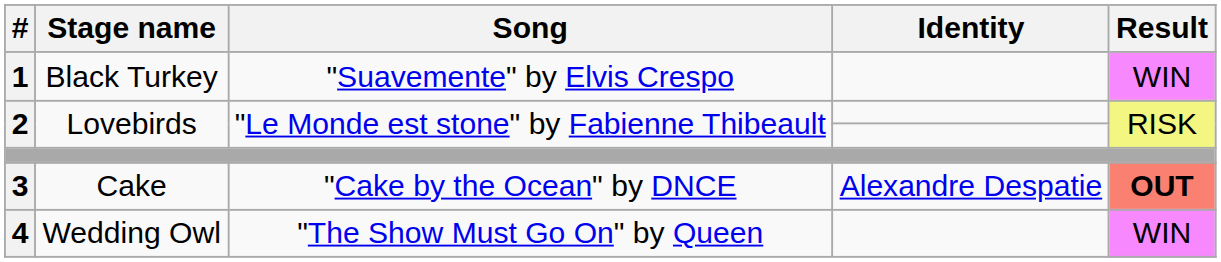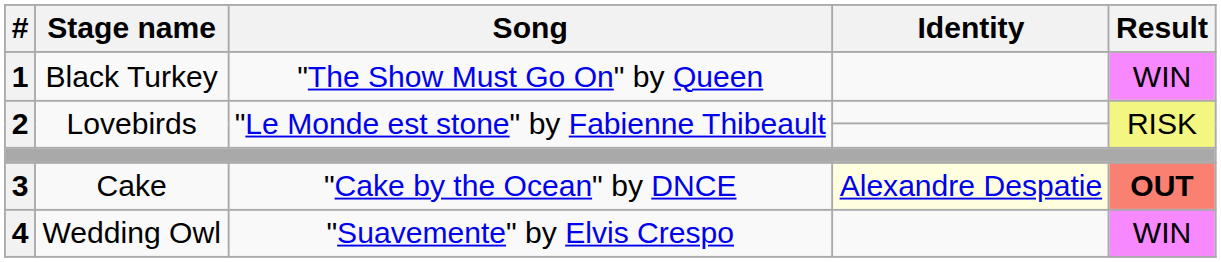 <table class="wikitable plainrowheaders" style="text-align: center;">
 <tr>
 <th>#</th>
 <th>Stage name</th>
 <th>Song</th>
 <th>Identity</th>
 <th>Result</th>
 </tr>
 <tr>
 <th>1</th>
 <td>Black Turkey</td>
-<td>"<a href='#'>Suavemente</a>" by <a href='#'>Elvis Crespo</a></td>
+<td>"<a href='#'>The Show Must Go On</a>" by <a href='#'>Queen</a></td>
 <td></td>
 <td bgcolor="F888FD">WIN</td>
 </tr>
 <tr>
 <th rowspan="2">2</th>
 <td rowspan="2">Lovebirds</td>
 <td rowspan="2">"<a href='#'>Le Monde est stone</a>" by <a href='#'>Fabienne Thibeault</a></td>
 <td></td>
 <td rowspan="2" bgcolor="F3F781">RISK</td>
 </tr>
 <tr>
 <td></td>
 </tr>
 <tr>
 <th colspan="5" style="background:darkgrey"></th>
 </tr>
 <tr>
 <th>3</th>
 <td>Cake</td>
 <td>"<a href='#'>Cake by the Ocean</a>" by <a href='#'>DNCE</a></td>
-<td><a href='#'>Alexandre Despatie</a></td>
+<td style="background: lightyellow;"><a href='#'>Alexandre Despatie</a></td>
 <td bgcolor="salmon"><strong>OUT</strong></td>
 </tr>
 <tr>
 <th>4</th>
 <td>Wedding Owl</td>
-<td>"<a href='#'>The Show Must Go On</a>" by <a href='#'>Queen</a></td>
+<td>"<a href='#'>Suavemente</a>" by <a href='#'>Elvis Crespo</a></td>
 <td></td>
 <td bgcolor="F888FD">WIN</td>
 </tr>
 </table>
